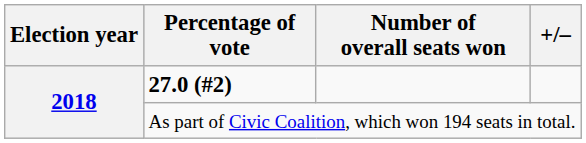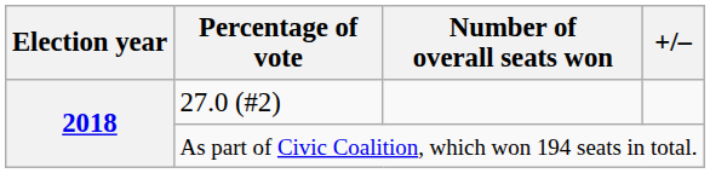 <table class=wikitable>
 <tr>
 <th>Election year</th>
 <th>Percentage of<br>vote</th>
 <th>Number of<br>overall seats won</th>
 <th>+/–</th>
 </tr>
 <tr>
 <th rowspan="2"><a href='#'>2018</a></th>
-<td><strong>27.0 (#2)</strong></td>
+<td>27.0 (#2)</td>
 <td></td>
 <td></td>
 </tr>
 <tr>
 <td colspan="5"><small>As part of <a href='#'>Civic Coalition</a>, which won 194 seats in total.</small></td>
 </tr>
 </table>
